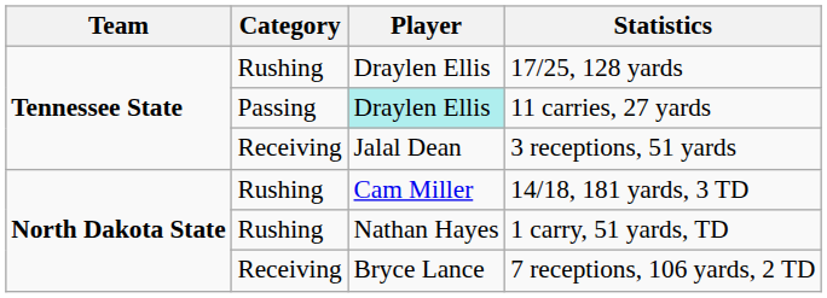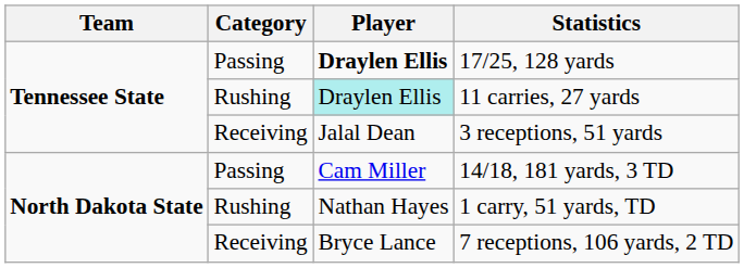 <table class="wikitable" style="float: right;">
 <tr>
 <th>Team</th>
 <th>Category</th>
 <th>Player</th>
 <th>Statistics</th>
 </tr>
 <tr>
 <td rowspan=3><strong>Tennessee State</strong></td>
-<td>Rushing</td>
-<td>Draylen Ellis</td>
+<td>Passing</td>
+<td><strong>Draylen Ellis</strong></td>
 <td>17/25, 128 yards</td>
 </tr>
 <tr>
-<td>Passing</td>
+<td>Rushing</td>
 <td style="background: paleturquoise;">Draylen Ellis</td>
 <td>11 carries, 27 yards</td>
 </tr>
 <tr>
 <td>Receiving</td>
 <td>Jalal Dean</td>
 <td>3 receptions, 51 yards</td>
 </tr>
 <tr>
 <td rowspan=3><strong>North Dakota State</strong></td>
-<td>Rushing</td>
+<td>Passing</td>
 <td><a href='#'>Cam Miller</a></td>
 <td>14/18, 181 yards, 3 TD</td>
 </tr>
 <tr>
 <td>Rushing</td>
 <td>Nathan Hayes</td>
 <td>1 carry, 51 yards, TD</td>
 </tr>
 <tr>
 <td>Receiving</td>
 <td>Bryce Lance</td>
 <td>7 receptions, 106 yards, 2 TD</td>
 </tr>
 </table>
